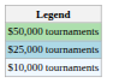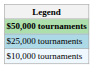 <table class=wikitable style=font-size:85%>
 <tr>
 <th>Legend</th>
 </tr>
 <tr style="background:#addfad;">
-<td>$50,000 tournaments</td>
+<td><strong>$50,000 tournaments</strong></td>
 </tr>
 <tr style="background:lightblue;">
 <td>$25,000 tournaments</td>
 </tr>
 <tr style="background:#f0f8ff;">
 <td>$10,000 tournaments</td>
 </tr>
 </table>
